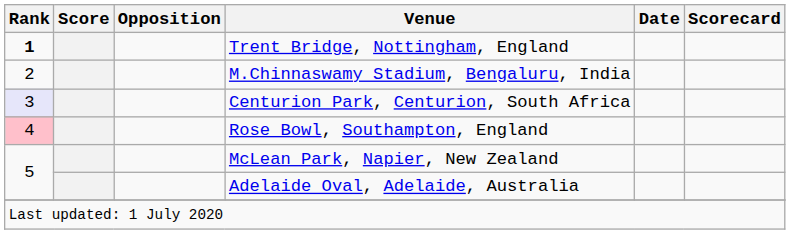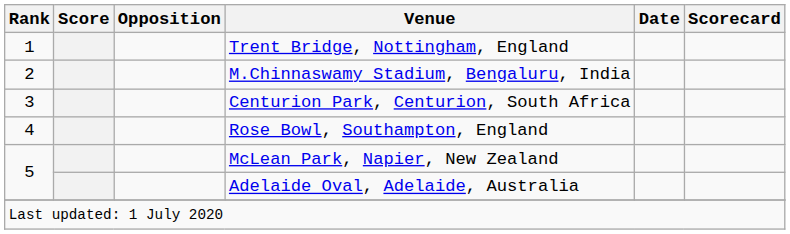 <table class="wikitable plainrowheaders sortable">
 <tr>
 <th scope=col>Rank</th>
 <th scope=col>Score</th>
 <th scope=col>Opposition</th>
 <th scope=col>Venue</th>
 <th scope=col>Date</th>
 <th scope=col>Scorecard</th>
 </tr>
 <tr>
-<td align=center><strong>1</strong></td>
+<td align=center>1</td>
 <th scope=row style=text-align:center;></th>
 <td></td>
 <td><a href='#'>Trent Bridge</a>, <a href='#'>Nottingham</a>, England</td>
 <td></td>
 <td></td>
 </tr>
 <tr>
 <td align=center>2</td>
 <th scope=row style=text-align:center;></th>
 <td></td>
 <td><a href='#'>M.Chinnaswamy Stadium</a>, <a href='#'>Bengaluru</a>, India</td>
 <td></td>
 <td></td>
 </tr>
 <tr>
-<td align=center style="background: lavender;">3</td>
+<td align=center>3</td>
 <th scope=row style=text-align:center;></th>
 <td></td>
 <td><a href='#'>Centurion Park</a>, <a href='#'>Centurion</a>, South Africa</td>
 <td></td>
 <td></td>
 </tr>
 <tr>
-<td align=center style="background: pink;">4</td>
+<td align=center>4</td>
 <th scope=row style=text-align:center;></th>
 <td></td>
 <td><a href='#'>Rose Bowl</a>, <a href='#'>Southampton</a>, England</td>
 <td></td>
 <td></td>
 </tr>
 <tr>
 <td align=center rowspan=2>5</td>
 <th scope=row style=text-align:center;></th>
 <td></td>
 <td><a href='#'>McLean Park</a>, <a href='#'>Napier</a>, New Zealand</td>
 <td></td>
 <td></td>
 </tr>
 <tr>
 <th scope=row style=text-align:center;></th>
 <td></td>
 <td><a href='#'>Adelaide Oval</a>, <a href='#'>Adelaide</a>, Australia</td>
 <td></td>
 <td></td>
 </tr>
 <tr>
 </tr>
 <tr class=sortbottom>
 <td colspan=6><small>Last updated: 1 July 2020</small></td>
 </tr>
 </table>
